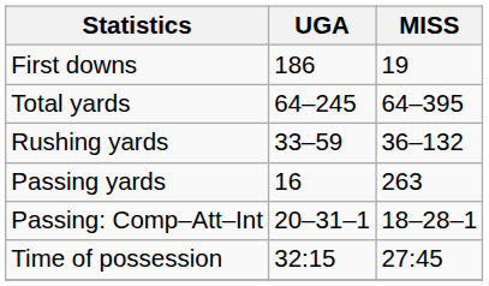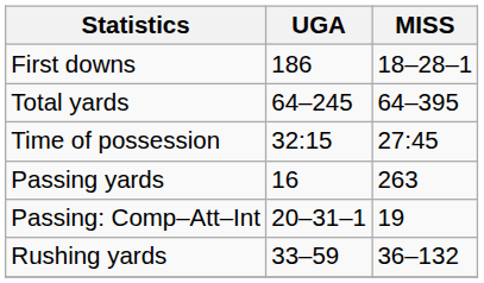 <table class="wikitable" style="float: left;">
 <tr>
 <th>Statistics</th>
 <th>UGA</th>
 <th>MISS</th>
 </tr>
 <tr>
 <td>First downs</td>
 <td>186</td>
-<td>19</td>
+<td>18–28–1</td>
 </tr>
 <tr>
 <td>Total yards</td>
 <td>64–245</td>
 <td>64–395</td>
 </tr>
 <tr>
-<td>Rushing yards</td>
-<td>33–59</td>
-<td>36–132</td>
+<td>Time of possession</td>
+<td>32:15</td>
+<td>27:45</td>
 </tr>
 <tr>
 <td>Passing yards</td>
 <td>16</td>
 <td>263</td>
 </tr>
 <tr>
 <td>Passing: Comp–Att–Int</td>
 <td>20–31–1</td>
-<td>18–28–1</td>
+<td>19</td>
 </tr>
 <tr>
-<td>Time of possession</td>
-<td>32:15</td>
-<td>27:45</td>
+<td>Rushing yards</td>
+<td>33–59</td>
+<td>36–132</td>
 </tr>
 <tr>
 </tr>
 </table>
